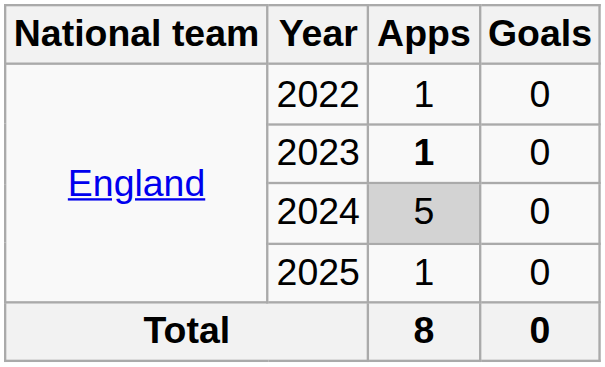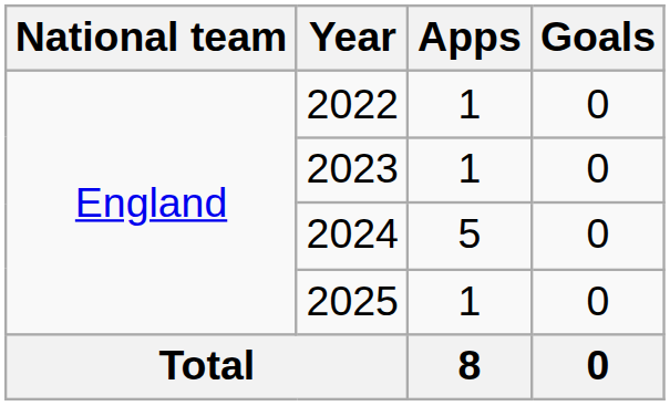 <table class="wikitable" style="text-align:center">
 <tr>
 <th>National team</th>
 <th>Year</th>
 <th>Apps</th>
 <th>Goals</th>
 </tr>
 <tr>
 <td rowspan="4"><a href='#'>England</a></td>
 <td>2022</td>
 <td>1</td>
 <td>0</td>
 </tr>
 <tr>
 <td>2023</td>
-<td><strong>1</strong></td>
+<td>1</td>
 <td>0</td>
 </tr>
 <tr>
 <td>2024</td>
-<td style="background: lightgrey;">5</td>
+<td>5</td>
 <td>0</td>
 </tr>
 <tr>
 <td>2025</td>
 <td>1</td>
 <td>0</td>
 </tr>
 <tr>
 <th colspan="2">Total</th>
 <th>8</th>
 <th>0</th>
 </tr>
 </table>
